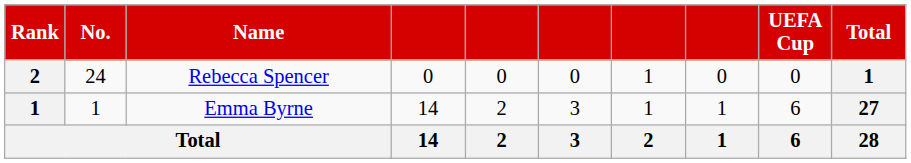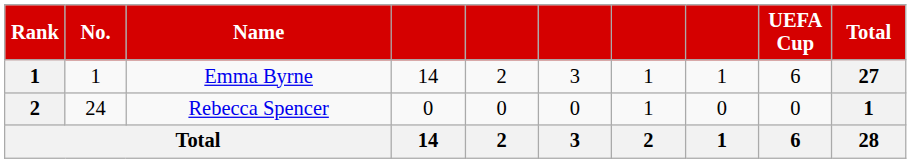 <table class="wikitable" style="text-align:center; font-size:100%; ">
 <tr>
 <th style="background:#d50000; color:white; text-align:center; width:40px">Rank</th>
 <th style="background:#d50000; color:white; text-align:center; width:40px">No.</th>
 <th style="background:#d50000; color:white; text-align:center; width:200px">Name</th>
 <th style="background:#d50000; color:white; text-align:center; width:50px"></th>
 <th style="background:#d50000; color:white; text-align:center; width:50px"></th>
 <th style="background:#d50000; color:white; text-align:center; width:50px;"></th>
 <th style="background:#d50000; color:white; text-align:center; width:50px;"></th>
 <th style="background:#d50000; color:white; text-align:center; width:50px;"></th>
 <th style="background:#d50000; color:white; text-align:center; width:50px;">UEFA Cup</th>
 <th style="background:#d50000; color:white; text-align:center; width:50px;">Total</th>
 </tr>
 <tr>
+<th>1</th>
+<td>1</td>
+<td> <a href='#'>Emma Byrne</a></td>
+<td>14</td>
+<td>2</td>
+<td>3</td>
+<td>1</td>
+<td>1</td>
+<td>6</td>
+<th>27</th>
+</tr>
+<tr>
 <th>2</th>
 <td>24</td>
 <td><em></em> <a href='#'>Rebecca Spencer</a></td>
 <td>0</td>
 <td>0</td>
 <td>0</td>
 <td>1</td>
 <td>0</td>
 <td>0</td>
 <th>1</th>
 </tr>
 <tr>
-<th>1</th>
-<td>1</td>
-<td> <a href='#'>Emma Byrne</a></td>
-<td>14</td>
-<td>2</td>
-<td>3</td>
-<td>1</td>
-<td>1</td>
-<td>6</td>
-<th>27</th>
-</tr>
-<tr>
 <th colspan="3">Total</th>
 <th>14</th>
 <th>2</th>
 <th>3</th>
 <th>2</th>
 <th>1</th>
 <th>6</th>
 <th>28</th>
 </tr>
 </table>
